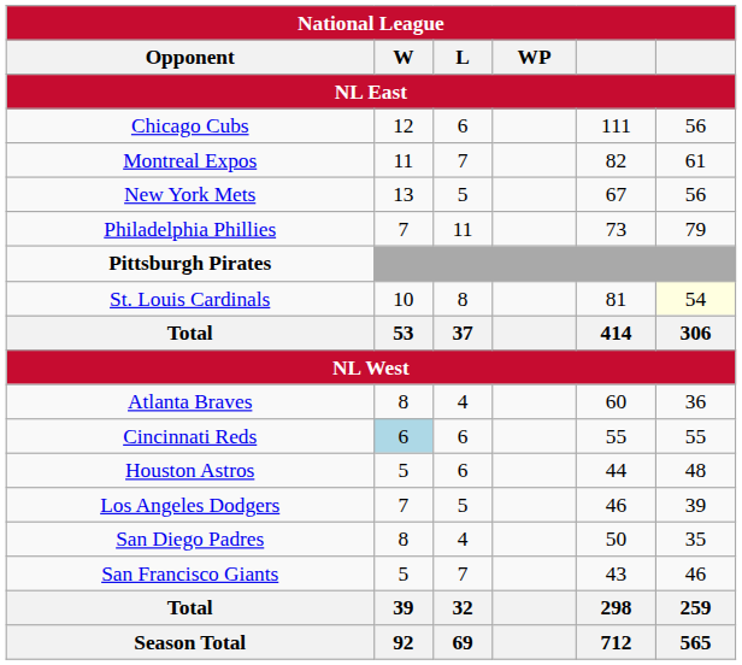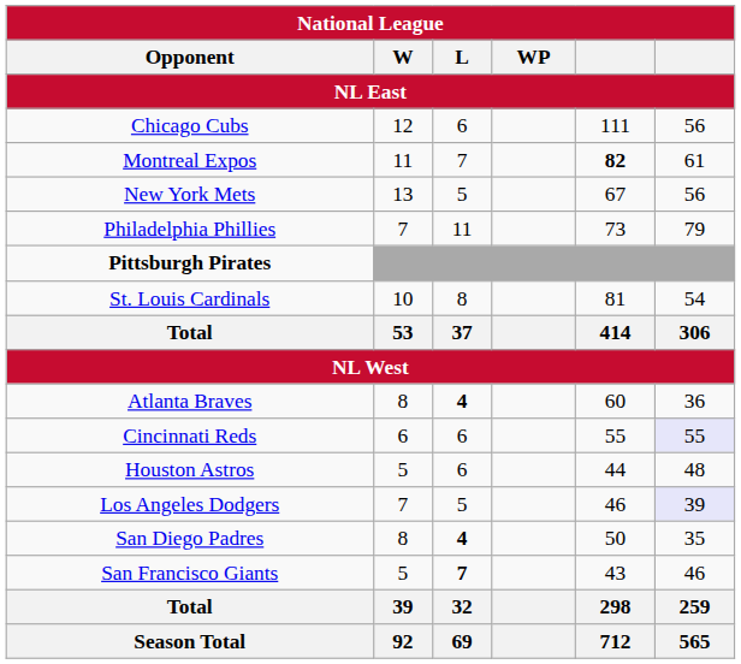 <table class="wikitable" style="font-size:95%; text-align:center; width:35em;margin:0.5em auto;">
 <tr>
 <th colspan="7" style="background:#c60c30; color:#ffffff;">National League</th>
 </tr>
 <tr>
 <th>Opponent</th>
 <th>W</th>
 <th>L</th>
 <th>WP</th>
 <th></th>
 <th></th>
 </tr>
 <tr>
 <th colspan="7" style="background:#c60c30; color:#ffffff;">NL East</th>
 </tr>
 <tr>
 <td><a href='#'>Chicago Cubs</a></td>
 <td>12</td>
 <td>6</td>
 <td></td>
 <td>111</td>
 <td>56</td>
 </tr>
 <tr>
 <td><a href='#'>Montreal Expos</a></td>
 <td>11</td>
 <td>7</td>
 <td></td>
-<td>82</td>
+<td><strong>82</strong></td>
 <td>61</td>
 </tr>
 <tr>
 <td><a href='#'>New York Mets</a></td>
 <td>13</td>
 <td>5</td>
 <td></td>
 <td>67</td>
 <td>56</td>
 </tr>
 <tr>
 <td><a href='#'>Philadelphia Phillies</a></td>
 <td>7</td>
 <td>11</td>
 <td></td>
 <td>73</td>
 <td>79</td>
 </tr>
 <tr>
 <td><strong>Pittsburgh Pirates</strong></td>
 <td colspan=5 style="background:darkgray;"></td>
 </tr>
 <tr>
 <td><a href='#'>St. Louis Cardinals</a></td>
 <td>10</td>
 <td>8</td>
 <td></td>
 <td>81</td>
-<td style="background: lightyellow;">54</td>
+<td>54</td>
 </tr>
 <tr>
 <th>Total</th>
 <th>53</th>
 <th>37</th>
 <th></th>
 <th>414</th>
 <th>306</th>
 </tr>
 <tr>
 <th colspan="7" style="background:#c60c30; color:#ffffff;">NL West</th>
 </tr>
 <tr>
 <td><a href='#'>Atlanta Braves</a></td>
 <td>8</td>
-<td>4</td>
+<td><strong>4</strong></td>
 <td></td>
 <td>60</td>
 <td>36</td>
 </tr>
 <tr>
 <td><a href='#'>Cincinnati Reds</a></td>
-<td style="background: lightblue;">6</td>
+<td>6</td>
 <td>6</td>
 <td></td>
 <td>55</td>
-<td>55</td>
+<td style="background: lavender;">55</td>
 </tr>
 <tr>
 <td><a href='#'>Houston Astros</a></td>
 <td>5</td>
 <td>6</td>
 <td></td>
 <td>44</td>
 <td>48</td>
 </tr>
 <tr>
 <td><a href='#'>Los Angeles Dodgers</a></td>
 <td>7</td>
 <td>5</td>
 <td></td>
 <td>46</td>
-<td>39</td>
+<td style="background: lavender;">39</td>
 </tr>
 <tr>
 <td><a href='#'>San Diego Padres</a></td>
 <td>8</td>
-<td>4</td>
+<td><strong>4</strong></td>
 <td></td>
 <td>50</td>
 <td>35</td>
 </tr>
 <tr>
 <td><a href='#'>San Francisco Giants</a></td>
 <td>5</td>
-<td>7</td>
+<td><strong>7</strong></td>
 <td></td>
 <td>43</td>
 <td>46</td>
 </tr>
 <tr>
 <th>Total</th>
 <th>39</th>
 <th>32</th>
 <th></th>
 <th>298</th>
 <th>259</th>
 </tr>
 <tr>
 <th>Season Total</th>
 <th>92</th>
 <th>69</th>
 <th></th>
 <th>712</th>
 <th>565</th>
 </tr>
 </table>
